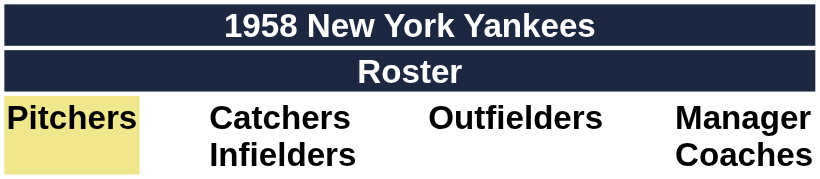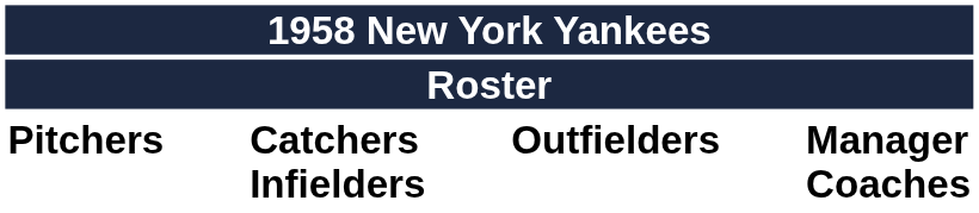 <table class="toccolours" style="font-size: 95%;">
 <tr>
 <th colspan="10" style="background-color: #1c2841; color: white; text-align: center;">1958 New York Yankees</th>
 </tr>
 <tr>
 <td colspan="10" style="background-color: #1c2841; color: white; text-align: center;"><strong>Roster</strong></td>
 </tr>
 <tr>
-<td valign="top" style="background: khaki;"><strong>Pitchers</strong><br>              </td>
+<td valign="top"><strong>Pitchers</strong><br>              </td>
 <td width="25px"></td>
 <td valign="top"><strong>Catchers</strong><br>   <strong>Infielders</strong>        </td>
 <td width="25px"></td>
 <td valign="top"><strong>Outfielders</strong><br>     </td>
 <td width="25px"></td>
 <td valign="top"><strong>Manager</strong><br> <strong>Coaches</strong>    </td>
 </tr>
 </table>
